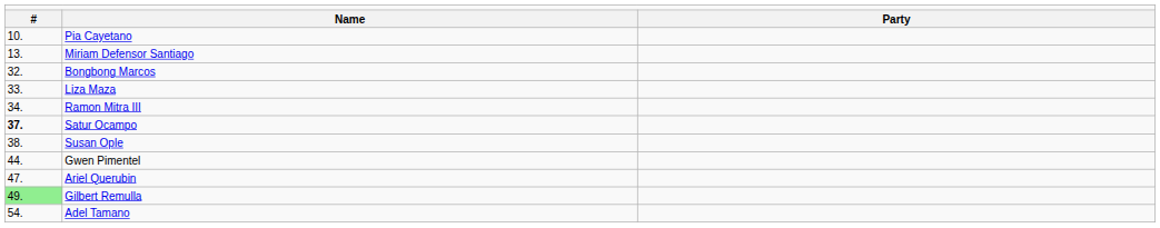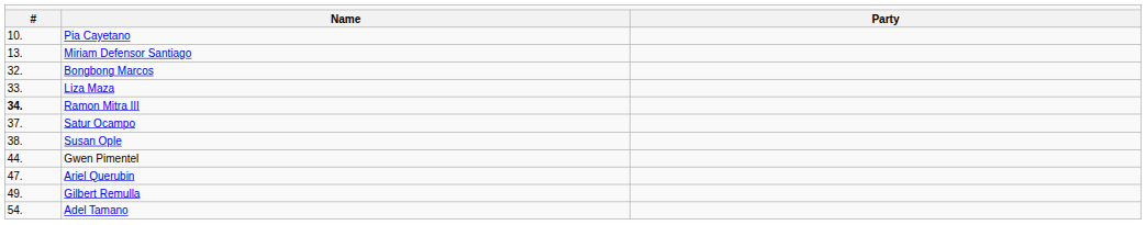 <table class=wikitable width=99% style="font-size:95%">
 <tr>
 <td colspan=4 bgcolor=></td>
 </tr>
 <tr>
 <th width=5%>#</th>
 <th width=50%>Name</th>
 <th colspan=2>Party</th>
 </tr>
 <tr>
 <td>10.</td>
 <td><a href='#'>Pia Cayetano</a></td>
 <td></td>
 </tr>
 <tr>
 <td>13.</td>
 <td><a href='#'>Miriam Defensor Santiago</a></td>
 <td></td>
 </tr>
 <tr>
 <td>32.</td>
 <td><a href='#'>Bongbong Marcos</a></td>
 <td></td>
 </tr>
 <tr>
 <td>33.</td>
 <td><a href='#'>Liza Maza</a></td>
 <td></td>
 </tr>
 <tr>
-<td>34.</td>
+<td><strong>34.</strong></td>
 <td><a href='#'>Ramon Mitra III</a></td>
 <td></td>
 </tr>
 <tr>
-<td><strong>37.</strong></td>
+<td>37.</td>
 <td><a href='#'>Satur Ocampo</a></td>
 <td></td>
 </tr>
 <tr>
 <td>38.</td>
 <td><a href='#'>Susan Ople</a></td>
 <td></td>
 </tr>
 <tr>
 <td>44.</td>
 <td>Gwen Pimentel</td>
 <td></td>
 </tr>
 <tr>
 <td>47.</td>
 <td><a href='#'>Ariel Querubin</a></td>
 <td></td>
 </tr>
 <tr>
-<td style="background: lightgreen;">49.</td>
+<td>49.</td>
 <td><a href='#'>Gilbert Remulla</a></td>
 <td></td>
 </tr>
 <tr>
 <td>54.</td>
 <td><a href='#'>Adel Tamano</a></td>
 <td></td>
 </tr>
 </table>
